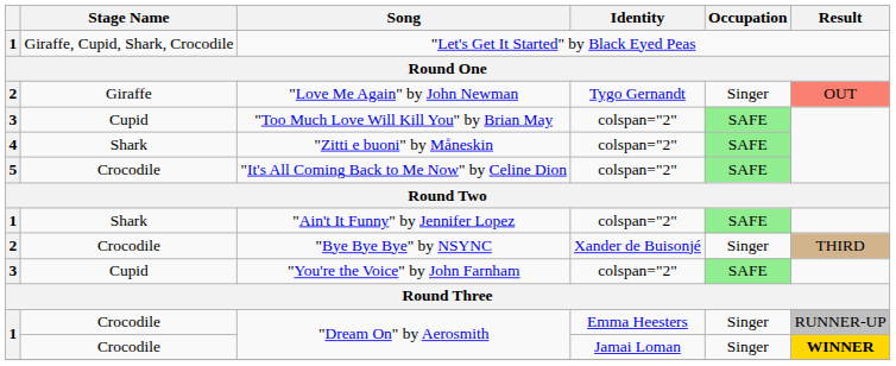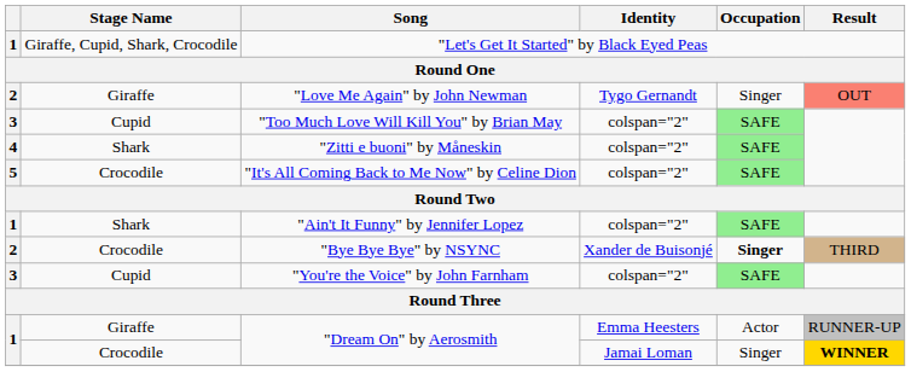 <table class="wikitable plainrowheaders" style="text-align: center;">
 <tr>
 <th></th>
 <th>Stage Name</th>
 <th>Song</th>
 <th>Identity</th>
 <th>Occupation</th>
 <th>Result</th>
 </tr>
 <tr>
 <th>1</th>
 <td>Giraffe, Cupid, Shark, Crocodile</td>
 <td colspan="4">"<a href='#'>Let's Get It Started</a>" by <a href='#'>Black Eyed Peas</a></td>
 </tr>
 <tr>
 <th colspan="6">Round One</th>
 </tr>
 <tr>
 <th>2</th>
 <td>Giraffe</td>
 <td>"<a href='#'>Love Me Again</a>" by <a href='#'>John Newman</a></td>
 <td><a href='#'>Tygo Gernandt</a></td>
 <td>Singer</td>
 <td bgcolor="salmon">OUT</td>
 </tr>
 <tr>
 <th>3</th>
 <td>Cupid</td>
 <td>"<a href='#'>Too Much Love Will Kill You</a>" by <a href='#'>Brian May</a></td>
 <td>colspan="2" </td>
 <td bgcolor="lightgreen">SAFE</td>
 </tr>
 <tr>
 <th>4</th>
 <td>Shark</td>
 <td>"<a href='#'>Zitti e buoni</a>" by <a href='#'>Måneskin</a></td>
 <td>colspan="2" </td>
 <td bgcolor="lightgreen">SAFE</td>
 </tr>
 <tr>
 <th>5</th>
 <td>Crocodile</td>
 <td>"<a href='#'>It's All Coming Back to Me Now</a>" by <a href='#'>Celine Dion</a></td>
 <td>colspan="2" </td>
 <td bgcolor="lightgreen">SAFE</td>
 </tr>
 <tr>
 <th colspan="6">Round Two</th>
 </tr>
 <tr>
 <th>1</th>
 <td>Shark</td>
 <td>"<a href='#'>Ain't It Funny</a>" by <a href='#'>Jennifer Lopez</a></td>
 <td>colspan="2" </td>
 <td bgcolor="lightgreen">SAFE</td>
 </tr>
 <tr>
 <th>2</th>
 <td>Crocodile</td>
 <td>"<a href='#'>Bye Bye Bye</a>" by <a href='#'>NSYNC</a></td>
 <td><a href='#'>Xander de Buisonjé</a></td>
-<td>Singer</td>
+<td><strong>Singer</strong></td>
 <td bgcolor="tan">THIRD</td>
 </tr>
 <tr>
 <th>3</th>
 <td>Cupid</td>
 <td>"<a href='#'>You're the Voice</a>" by <a href='#'>John Farnham</a></td>
 <td>colspan="2" </td>
 <td bgcolor="lightgreen">SAFE</td>
 </tr>
 <tr>
 <th colspan="6">Round Three</th>
 </tr>
 <tr>
 <th rowspan="2">1</th>
-<td>Crocodile</td>
+<td>Giraffe</td>
 <td rowspan="2">"<a href='#'>Dream On</a>" by <a href='#'>Aerosmith</a></td>
 <td><a href='#'>Emma Heesters</a></td>
-<td>Singer</td>
+<td>Actor</td>
 <td bgcolor="silver">RUNNER-UP</td>
 </tr>
 <tr>
 <td>Crocodile</td>
 <td><a href='#'>Jamai Loman</a></td>
 <td>Singer</td>
 <td bgcolor="gold"><strong>WINNER</strong></td>
 </tr>
 <tr>
 </tr>
 </table>
